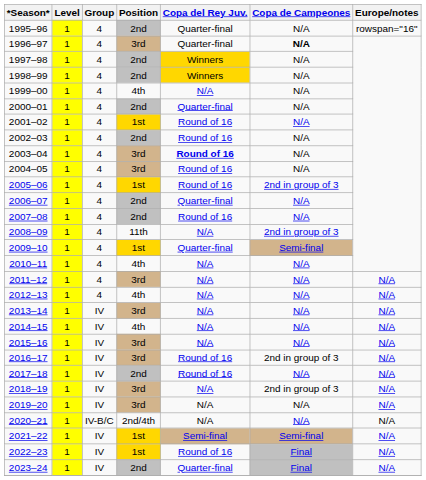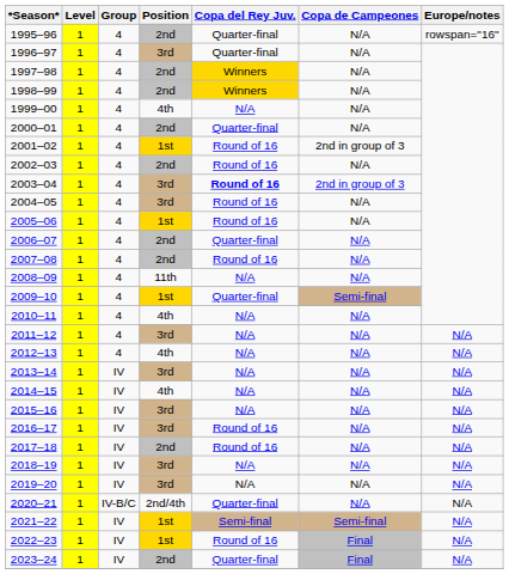 <table class="wikitable" style="text-align:center; font-size:90%">
 <tr>
 <th>*Season*</th>
 <th>Level</th>
 <th>Group</th>
 <th>Position</th>
 <th><a href='#'>Copa del Rey Juv.</a></th>
 <th><a href='#'>Copa de Campeones</a></th>
 <th>Europe/notes</th>
 </tr>
 <tr>
 <td>1995–96</td>
 <td bgcolor=#FFFF00>1</td>
 <td>4</td>
 <td bgcolor=silver>2nd</td>
 <td>Quarter-final</td>
 <td>N/A</td>
 <td>rowspan="16" </td>
 </tr>
 <tr>
 <td>1996–97</td>
 <td bgcolor=#FFFF00>1</td>
 <td>4</td>
 <td bgcolor=#D2B48C>3rd</td>
 <td>Quarter-final</td>
-<td><strong>N/A</strong></td>
+<td>N/A</td>
 </tr>
 <tr>
 <td>1997–98</td>
 <td bgcolor=#FFFF00>1</td>
 <td>4</td>
 <td bgcolor=silver>2nd</td>
 <td bgcolor=gold>Winners</td>
 <td>N/A</td>
 </tr>
 <tr>
 <td>1998–99</td>
 <td bgcolor=#FFFF00>1</td>
 <td>4</td>
 <td bgcolor=silver>2nd</td>
 <td bgcolor=gold>Winners</td>
 <td>N/A</td>
 </tr>
 <tr>
 <td>1999–00</td>
 <td bgcolor=#FFFF00>1</td>
 <td>4</td>
 <td>4th</td>
 <td><a href='#'>N/A</a></td>
 <td>N/A</td>
 </tr>
 <tr>
 <td>2000–01</td>
 <td bgcolor=#FFFF00>1</td>
 <td>4</td>
 <td bgcolor=silver>2nd</td>
 <td><a href='#'>Quarter-final</a></td>
 <td>N/A</td>
 </tr>
 <tr>
 <td>2001–02</td>
 <td bgcolor=#FFFF00>1</td>
 <td>4</td>
 <td bgcolor=gold>1st</td>
 <td><a href='#'>Round of 16</a></td>
-<td><a href='#'>N/A</a></td>
+<td>2nd in group of 3</td>
 </tr>
 <tr>
 <td>2002–03</td>
 <td bgcolor=#FFFF00>1</td>
 <td>4</td>
 <td bgcolor=silver>2nd</td>
 <td><a href='#'>Round of 16</a></td>
 <td>N/A</td>
 </tr>
 <tr>
 <td>2003–04</td>
 <td bgcolor=#FFFF00>1</td>
 <td>4</td>
 <td bgcolor=#D2B48C>3rd</td>
 <td><strong><a href='#'>Round of 16</a></strong></td>
-<td>N/A</td>
+<td><a href='#'>2nd in group of 3</a></td>
 </tr>
 <tr>
 <td>2004–05</td>
 <td bgcolor=#FFFF00>1</td>
 <td>4</td>
 <td bgcolor=#D2B48C>3rd</td>
 <td><a href='#'>Round of 16</a></td>
 <td>N/A</td>
 </tr>
 <tr>
 <td><a href='#'>2005–06</a></td>
 <td bgcolor=#FFFF00>1</td>
 <td>4</td>
 <td bgcolor=gold>1st</td>
 <td><a href='#'>Round of 16</a></td>
-<td><a href='#'>2nd in group of 3</a></td>
+<td>N/A</td>
 </tr>
 <tr>
 <td><a href='#'>2006–07</a></td>
 <td bgcolor=#FFFF00>1</td>
 <td>4</td>
 <td bgcolor=silver>2nd</td>
 <td><a href='#'>Quarter-final</a></td>
 <td><a href='#'>N/A</a></td>
 </tr>
 <tr>
 <td><a href='#'>2007–08</a></td>
 <td bgcolor=#FFFF00>1</td>
 <td>4</td>
 <td bgcolor=silver>2nd</td>
 <td><a href='#'>Round of 16</a></td>
 <td><a href='#'>N/A</a></td>
 </tr>
 <tr>
 <td><a href='#'>2008–09</a></td>
 <td bgcolor=#FFFF00>1</td>
 <td>4</td>
 <td>11th</td>
 <td><a href='#'>N/A</a></td>
-<td><a href='#'>2nd in group of 3</a></td>
+<td><a href='#'>N/A</a></td>
 </tr>
 <tr>
 <td><a href='#'>2009–10</a></td>
 <td bgcolor=#FFFF00>1</td>
 <td>4</td>
 <td bgcolor=gold>1st</td>
 <td><a href='#'>Quarter-final</a></td>
 <td bgcolor=#D2B48C><a href='#'>Semi-final</a></td>
 </tr>
 <tr>
 <td><a href='#'>2010–11</a></td>
 <td bgcolor=#FFFF00>1</td>
 <td>4</td>
 <td>4th</td>
 <td><a href='#'>N/A</a></td>
 <td><a href='#'>N/A</a></td>
 </tr>
 <tr>
 <td><a href='#'>2011–12</a></td>
 <td bgcolor=#FFFF00>1</td>
 <td>4</td>
 <td bgcolor=#D2B48C>3rd</td>
 <td><a href='#'>N/A</a></td>
 <td><a href='#'>N/A</a></td>
 <td><a href='#'>N/A</a></td>
 </tr>
 <tr>
 <td><a href='#'>2012–13</a></td>
 <td bgcolor=#FFFF00>1</td>
 <td>4</td>
 <td>4th</td>
 <td><a href='#'>N/A</a></td>
 <td><a href='#'>N/A</a></td>
 <td><a href='#'>N/A</a></td>
 </tr>
 <tr>
 <td><a href='#'>2013–14</a></td>
 <td bgcolor=#FFFF00>1</td>
 <td>IV</td>
 <td bgcolor=#D2B48C>3rd</td>
 <td><a href='#'>N/A</a></td>
 <td><a href='#'>N/A</a></td>
 <td><a href='#'>N/A</a></td>
 </tr>
 <tr>
 <td><a href='#'>2014–15</a></td>
 <td bgcolor=#FFFF00>1</td>
 <td>IV</td>
 <td>4th</td>
 <td><a href='#'>N/A</a></td>
 <td><a href='#'>N/A</a></td>
 <td><a href='#'>N/A</a></td>
 </tr>
 <tr>
 <td><a href='#'>2015–16</a></td>
 <td bgcolor=#FFFF00>1</td>
 <td>IV</td>
 <td bgcolor=#D2B48C>3rd</td>
 <td><a href='#'>N/A</a></td>
 <td><a href='#'>N/A</a></td>
 <td><a href='#'>N/A</a></td>
 </tr>
 <tr>
 <td><a href='#'>2016–17</a></td>
 <td bgcolor=#FFFF00>1</td>
 <td>IV</td>
 <td bgcolor=#D2B48C>3rd</td>
 <td><a href='#'>Round of 16</a></td>
-<td>2nd in group of 3</td>
+<td><a href='#'>N/A</a></td>
 <td><a href='#'>N/A</a></td>
 </tr>
 <tr>
 <td><a href='#'>2017–18</a></td>
 <td bgcolor=#FFFF00>1</td>
 <td>IV</td>
 <td bgcolor=silver>2nd</td>
 <td><a href='#'>Round of 16</a></td>
 <td><a href='#'>N/A</a></td>
 <td><a href='#'>N/A</a></td>
 </tr>
 <tr>
 <td><a href='#'>2018–19</a></td>
 <td bgcolor=#FFFF00>1</td>
 <td>IV</td>
 <td bgcolor=#D2B48C>3rd</td>
 <td><a href='#'>N/A</a></td>
-<td>2nd in group of 3</td>
+<td><a href='#'>N/A</a></td>
 <td><a href='#'>N/A</a></td>
 </tr>
 <tr>
 <td><a href='#'>2019–20</a></td>
 <td bgcolor=#FFFF00>1</td>
 <td>IV</td>
 <td bgcolor=#D2B48C>3rd</td>
 <td>N/A</td>
 <td>N/A</td>
 <td><a href='#'>N/A</a></td>
 </tr>
 <tr>
 <td><a href='#'>2020–21</a></td>
 <td bgcolor=#FFFF00>1</td>
 <td>IV-B/C</td>
 <td>2nd/4th</td>
-<td>N/A</td>
+<td><a href='#'>Quarter-final</a></td>
 <td><a href='#'>N/A</a></td>
 <td>N/A</td>
 </tr>
 <tr>
 <td><a href='#'>2021–22</a></td>
 <td bgcolor=#FFFF00>1</td>
 <td>IV</td>
 <td bgcolor=gold>1st</td>
 <td bgcolor=#D2B48C><a href='#'>Semi-final</a></td>
 <td bgcolor=#D2B48C><a href='#'>Semi-final</a></td>
 <td><a href='#'>N/A</a></td>
 </tr>
 <tr>
 <td><a href='#'>2022–23</a></td>
 <td bgcolor=#FFFF00>1</td>
 <td>IV</td>
 <td bgcolor=gold>1st</td>
 <td><a href='#'>Round of 16</a></td>
 <td bgcolor=silver><a href='#'>Final</a></td>
 <td><a href='#'>N/A</a></td>
 </tr>
 <tr>
 <td><a href='#'>2023–24</a></td>
 <td bgcolor=#FFFF00>1</td>
 <td>IV</td>
 <td bgcolor=silver>2nd</td>
 <td><a href='#'>Quarter-final</a></td>
 <td bgcolor=silver><a href='#'>Final</a></td>
 <td><a href='#'>N/A</a></td>
 </tr>
 <tr>
 </tr>
 </table>
